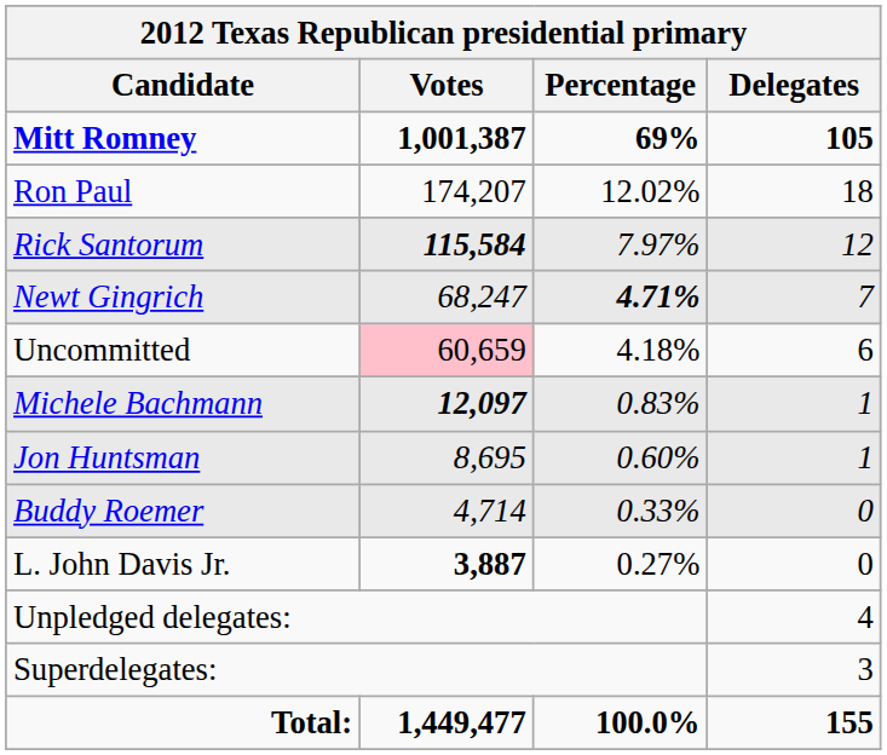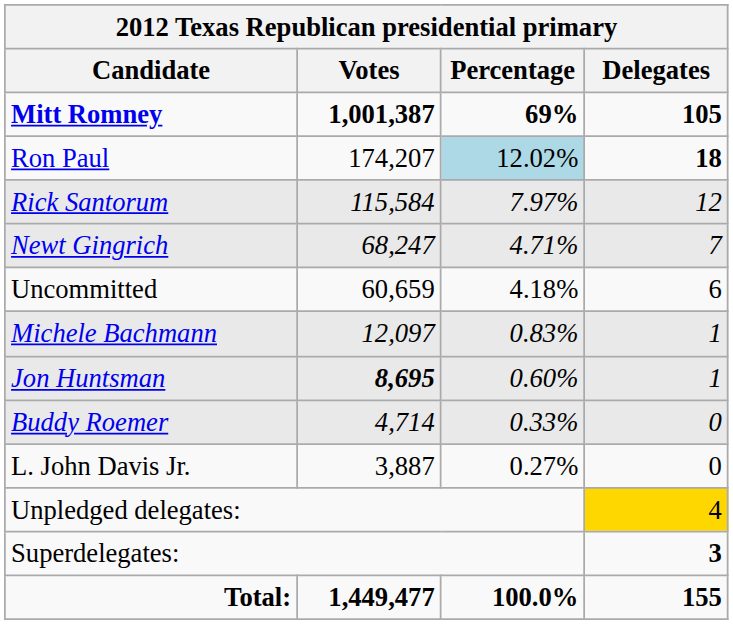 <table class="wikitable" style="font-size:95%;">
 <tr>
 <th colspan="4">2012 Texas Republican presidential primary</th>
 </tr>
 <tr>
 <th style="width:160px;">Candidate</th>
 <th style="width:75px;">Votes</th>
 <th style="width:75px;">Percentage</th>
 <th style="width:75px;">Delegates</th>
 </tr>
 <tr align="right" >
 <td align="left"><strong> <a href='#'>Mitt Romney</a></strong></td>
 <td><strong>1,001,387</strong></td>
 <td><strong>69%</strong></td>
 <td><strong>105</strong></td>
 </tr>
 <tr align="right">
 <td align="left"><a href='#'>Ron Paul</a></td>
 <td>174,207</td>
-<td>12.02%</td>
-<td>18</td>
+<td style="background: lightblue;">12.02%</td>
+<td><strong>18</strong></td>
 </tr>
 <tr align="right" bgcolor="e9e9e9">
 <td align="left"><em><a href='#'>Rick Santorum</a></em></td>
-<td><strong><em>115,584</em></strong></td>
+<td><em>115,584</em></td>
 <td><em>7.97%</em></td>
 <td><em>12</em></td>
 </tr>
 <tr align="right" bgcolor="e9e9e9">
 <td align="left"><em><a href='#'>Newt Gingrich</a></em></td>
 <td><em>68,247</em></td>
-<td><strong><em>4.71%</em></strong></td>
+<td><em>4.71%</em></td>
 <td><em>7</em></td>
 </tr>
 <tr align="right">
 <td align="left">Uncommitted</td>
-<td style="background: pink;">60,659</td>
+<td>60,659</td>
 <td>4.18%</td>
 <td>6</td>
 </tr>
 <tr align="right" bgcolor="e9e9e9">
 <td align="left"><em><a href='#'>Michele Bachmann</a></em></td>
-<td><strong><em>12,097</em></strong></td>
+<td><em>12,097</em></td>
 <td><em>0.83%</em></td>
 <td><em>1</em></td>
 </tr>
 <tr align="right" bgcolor="e9e9e9">
 <td align="left"><a href='#'><em>Jon Huntsman</em></a></td>
-<td><em>8,695</em></td>
+<td><strong><em>8,695</em></strong></td>
 <td><em>0.60%</em></td>
 <td><em>1</em></td>
 </tr>
 <tr align="right" bgcolor="e9e9e9">
 <td align="left"><em><a href='#'>Buddy Roemer</a></em></td>
 <td><em>4,714</em></td>
 <td><em>0.33%</em></td>
 <td><em>0</em></td>
 </tr>
 <tr align="right">
 <td align="left">L. John Davis Jr.</td>
-<td><strong>3,887</strong></td>
+<td>3,887</td>
 <td>0.27%</td>
 <td>0</td>
 </tr>
 <tr>
 <td colspan="3">Unpledged delegates:</td>
-<td align="right">4</td>
+<td align="right" style="background: gold;">4</td>
 </tr>
 <tr>
 <td colspan="3">Superdelegates:</td>
-<td align="right">3</td>
+<td align="right"><strong>3</strong></td>
 </tr>
 <tr align="right">
 <td><strong>Total:</strong></td>
 <td><strong>1,449,477</strong></td>
 <td><strong>100.0%</strong></td>
 <td><strong>155</strong></td>
 </tr>
 </table>
